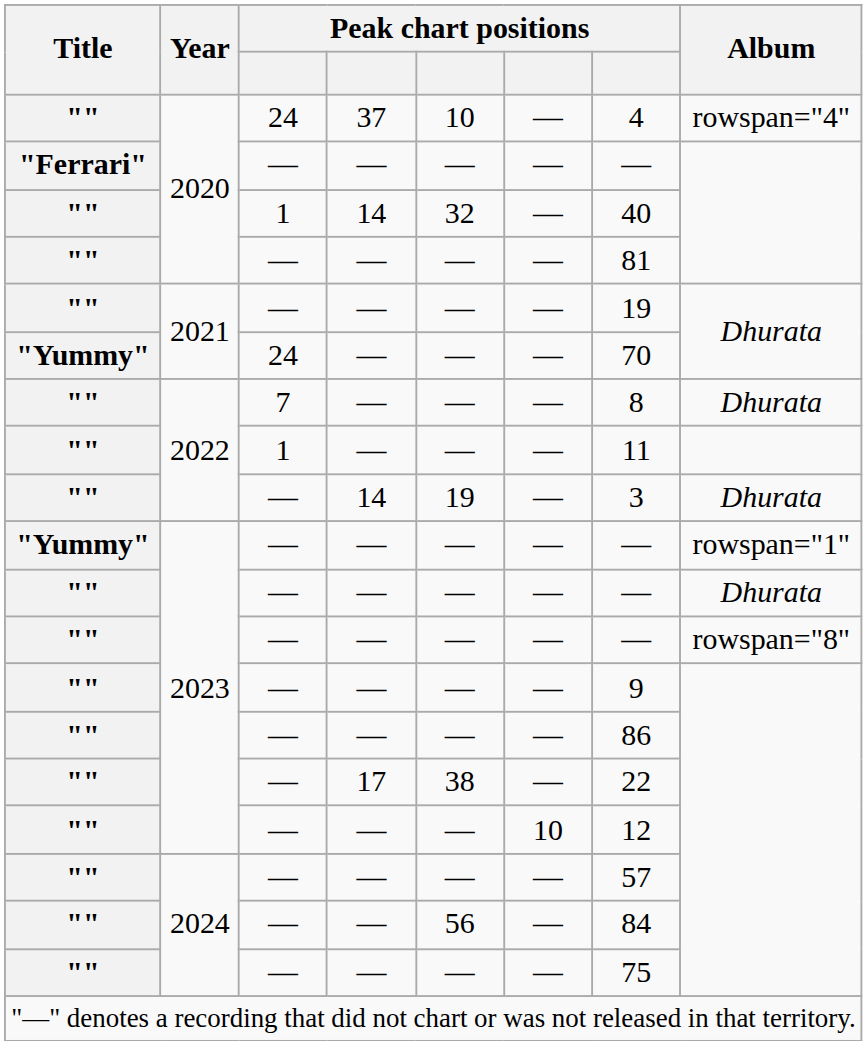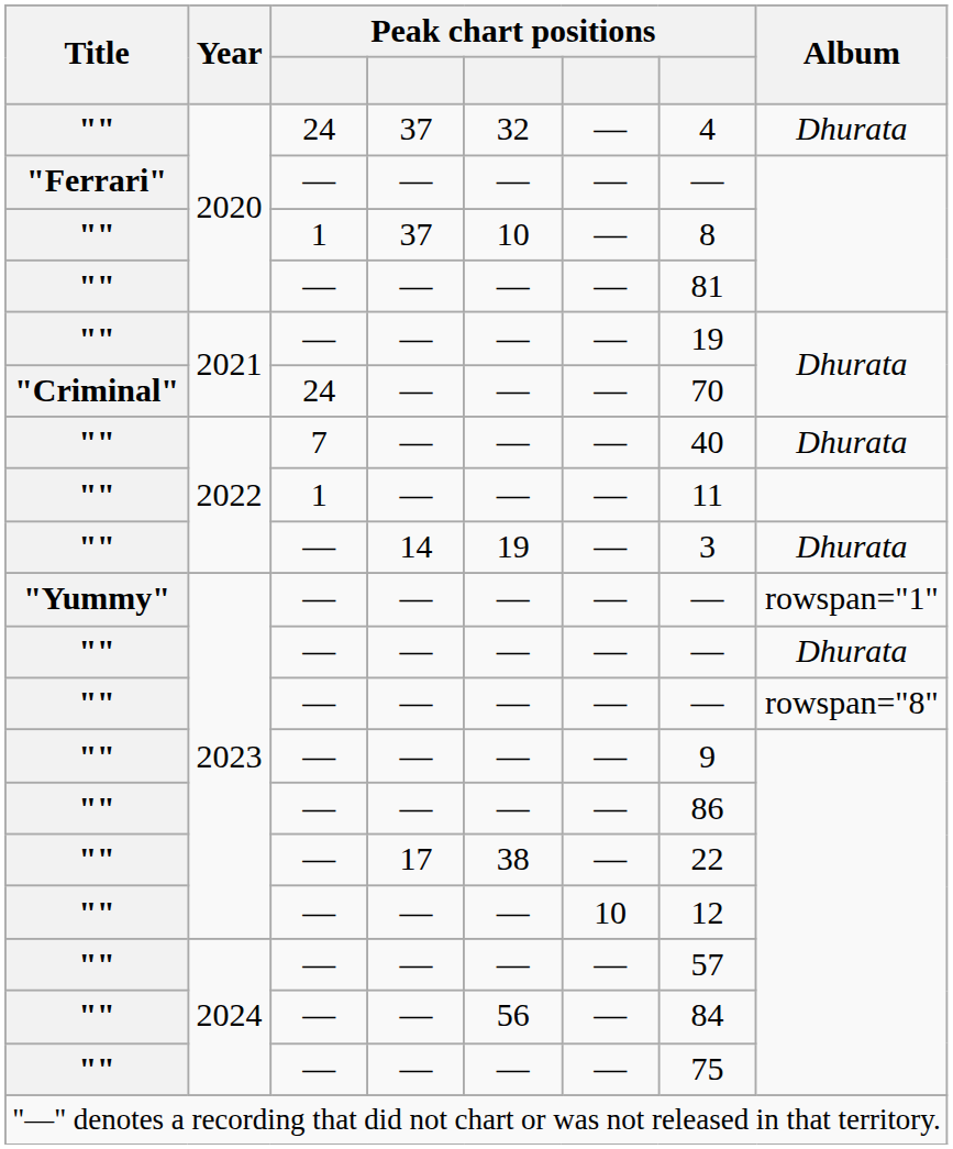 <table class="wikitable plainrowheaders" style="text-align:center;">
 <tr>
 <th scope="col" rowspan="2">Title</th>
 <th scope="col" rowspan="2">Year</th>
 <th scope="col" colspan="5">Peak chart positions</th>
 <th scope="col" rowspan="2">Album</th>
 </tr>
 <tr>
 <th style="width:3em; font-size:85%;"><a href='#'></a><br></th>
 <th style="width:3em; font-size:85%;"><a href='#'></a><br></th>
 <th style="width:3em; font-size:85%;"><a href='#'></a><br></th>
 <th style="width:3em; font-size:85%;"><a href='#'></a><br></th>
 <th style="width:3em; font-size:85%;"><a href='#'></a><br></th>
 </tr>
 <tr>
 <th scope="row">""<br></th>
 <td rowspan="4">2020</td>
 <td>24</td>
 <td>37</td>
-<td>10</td>
+<td>32</td>
 <td>—</td>
 <td>4</td>
-<td>rowspan="4" </td>
+<td rowspan="1"><em>Dhurata</em></td>
 </tr>
 <tr>
 <th scope="row">"Ferrari"</th>
 <td>—</td>
 <td>—</td>
 <td>—</td>
 <td>—</td>
 <td>—</td>
 </tr>
 <tr>
 <th scope="row">""<br></th>
 <td>1</td>
-<td>14</td>
-<td>32</td>
+<td>37</td>
+<td>10</td>
 <td>—</td>
-<td>40</td>
+<td>8</td>
 </tr>
 <tr>
 <th scope="row">""</th>
 <td>—</td>
 <td>—</td>
 <td>—</td>
 <td>—</td>
 <td>81</td>
 </tr>
 <tr>
 <th scope="row">""<br></th>
 <td rowspan="2">2021</td>
 <td>—</td>
 <td>—</td>
 <td>—</td>
 <td>—</td>
 <td>19</td>
 <td rowspan="2"><em>Dhurata</em></td>
 </tr>
 <tr>
-<th scope="row">"Yummy"<br></th>
+<th scope="row">"Criminal"</th>
 <td>24</td>
 <td>—</td>
 <td>—</td>
 <td>—</td>
 <td>70</td>
 </tr>
 <tr>
 <th scope="row">""</th>
 <td rowspan="3">2022</td>
 <td>7</td>
 <td>—</td>
 <td>—</td>
 <td>—</td>
-<td>8</td>
+<td>40</td>
 <td rowspan="1"><em>Dhurata</em></td>
 </tr>
 <tr>
 <th scope="row">""<br></th>
 <td>1</td>
 <td>—</td>
 <td>—</td>
 <td>—</td>
 <td>11</td>
 </tr>
 <tr>
 <th scope="row">""<br></th>
 <td>—</td>
 <td>14</td>
 <td>19</td>
 <td>—</td>
 <td>3</td>
 <td rowspan="1"><em>Dhurata</em></td>
 </tr>
 <tr>
 <th scope="row">"Yummy"<br></th>
 <td rowspan="7">2023</td>
 <td>—</td>
 <td>—</td>
 <td>—</td>
 <td>—</td>
 <td>—</td>
 <td>rowspan="1" </td>
 </tr>
 <tr>
 <th scope="row">""</th>
 <td>—</td>
 <td>—</td>
 <td>—</td>
 <td>—</td>
 <td>—</td>
 <td rowspan="1"><em>Dhurata</em></td>
 </tr>
 <tr>
 <th scope="row">""<br></th>
 <td>—</td>
 <td>—</td>
 <td>—</td>
 <td>—</td>
 <td>—</td>
 <td>rowspan="8" </td>
 </tr>
 <tr>
 <th scope="row">""<br></th>
 <td>—</td>
 <td>—</td>
 <td>—</td>
 <td>—</td>
 <td>9</td>
 </tr>
 <tr>
 <th scope="row">""</th>
 <td>—</td>
 <td>—</td>
 <td>—</td>
 <td>—</td>
 <td>86</td>
 </tr>
 <tr>
 <th scope="row">""<br></th>
 <td>—</td>
 <td>17</td>
 <td>38</td>
 <td>—</td>
 <td>22</td>
 </tr>
 <tr>
 <th scope="row">""<br></th>
 <td>—</td>
 <td>—</td>
 <td>—</td>
 <td>10</td>
 <td>12</td>
 </tr>
 <tr>
 <th scope="row">""</th>
 <td rowspan="3">2024</td>
 <td>—</td>
 <td>—</td>
 <td>—</td>
 <td>—</td>
 <td>57</td>
 </tr>
 <tr>
 <th scope="row">""<br></th>
 <td>—</td>
 <td>—</td>
 <td>56</td>
 <td>—</td>
 <td>84</td>
 </tr>
 <tr>
 <th scope="row">""<br></th>
 <td>—</td>
 <td>—</td>
 <td>—</td>
 <td>—</td>
 <td>75</td>
 </tr>
 <tr>
 <td colspan="8" style="font-size:90%">"—" denotes a recording that did not chart or was not released in that territory.</td>
 </tr>
 </table>
